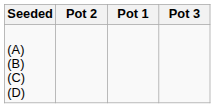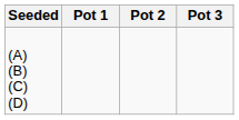 <table class="wikitable">
 <tr>
 <th width=25%>Seeded</th>
+<th width=25%>Pot 1</th>
 <th width=25%>Pot 2</th>
-<th width=25%>Pot 1</th>
 <th width=25%>Pot 3</th>
 </tr>
 <tr>
 <td><br> (A)<br>  (B)<br>  (C)<br>  (D)<br></td>
 <td><br><br> <br> <br> <br></td>
 <td><br><br> <br> <br> <br></td>
 <td><br><br> <br> <br> <br></td>
 </tr>
 </table>
